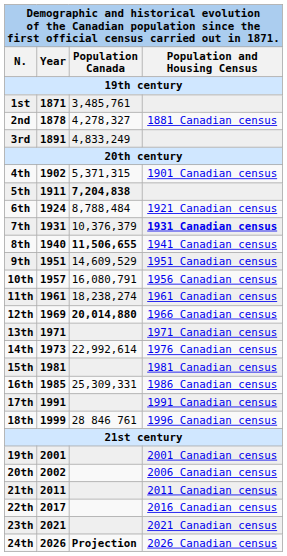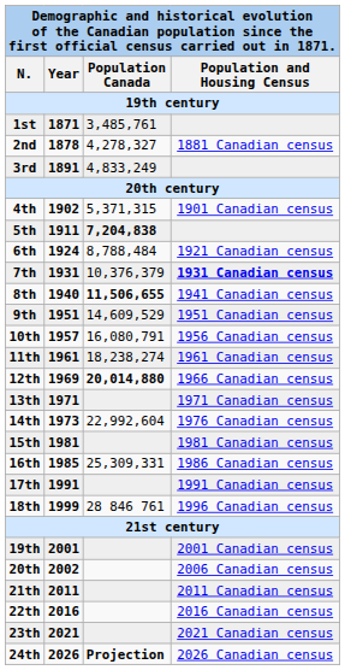 <table class="wikitable">
 <tr>
 <th colspan= "4" style="text-align:center; background:#abcdef;">Demographic and historical evolution <br>of the Canadian population since the <br> first official census carried out in 1871.</th>
 </tr>
 <tr>
 <th>N.</th>
 <th>Year</th>
 <th>Population<br>Canada</th>
 <th>Population and <br> Housing Census</th>
 </tr>
 <tr align="center">
 <td colspan="4" style="background:#D0E7FF"><strong>19th century</strong></td>
 </tr>
 <tr align="center" style="background:#efefef; color:black">
 <td><strong>1st</strong></td>
 <td><strong>1871</strong></td>
 <td align="left"> 3,485,761</td>
 <td></td>
 </tr>
 <tr align="center">
 <td><strong>2nd</strong></td>
 <td><strong>1878</strong></td>
 <td align="left"> 4,278,327</td>
 <td><a href='#'>1881 Canadian census</a></td>
 </tr>
 <tr align="center" style="background:#efefef; color:black">
 <td><strong>3rd</strong></td>
 <td><strong>1891</strong></td>
 <td align="left"> 4,833,249</td>
 <td></td>
 </tr>
 <tr align="center">
 <td colspan="4" style="background:#D0E7FF"><strong>20th century</strong></td>
 </tr>
 <tr align="center">
 <td><strong>4th</strong></td>
 <td><strong>1902</strong></td>
 <td align="left"> 5,371,315</td>
 <td><a href='#'>1901 Canadian census</a></td>
 </tr>
 <tr align="center" style="background:#efefef; color:black">
 <td><strong>5th</strong></td>
 <td><strong>1911</strong></td>
 <td align="left"><strong> 7,204,838</strong></td>
 <td></td>
 </tr>
 <tr align="center">
 <td><strong>6th</strong></td>
 <td><strong>1924</strong></td>
 <td align="left"> 8,788,484</td>
 <td><a href='#'>1921 Canadian census</a></td>
 </tr>
 <tr align="center" style="background:#efefef; color:black">
 <td><strong>7th</strong></td>
 <td><strong>1931</strong></td>
 <td align="left"> 10,376,379</td>
 <td><strong><a href='#'>1931 Canadian census</a></strong></td>
 </tr>
 <tr align="center">
 <td><strong>8th</strong></td>
 <td><strong>1940</strong></td>
 <td align="left"><strong> 11,506,655</strong></td>
 <td><a href='#'>1941 Canadian census</a></td>
 </tr>
 <tr align="center" style="background:#efefef; color:black">
 <td><strong>9th</strong></td>
 <td><strong>1951</strong></td>
 <td align="left"> 14,609,529</td>
 <td><a href='#'>1951 Canadian census</a></td>
 </tr>
 <tr align="center">
 <td><strong>10th</strong></td>
 <td><strong>1957</strong></td>
 <td align="left"> 16,080,791</td>
 <td><a href='#'>1956 Canadian census</a></td>
 </tr>
 <tr align="center" style="background:#efefef; color:black">
 <td><strong>11th</strong></td>
 <td><strong>1961</strong></td>
 <td align="left"> 18,238,274</td>
 <td><a href='#'>1961 Canadian census</a></td>
 </tr>
 <tr align="center">
 <td><strong>12th</strong></td>
 <td><strong>1969</strong></td>
 <td align="left"><strong> 20,014,880</strong></td>
 <td><a href='#'>1966 Canadian census</a></td>
 </tr>
 <tr align="center" style="background:#efefef; color:black">
 <td><strong>13th</strong></td>
 <td><strong>1971</strong></td>
 <td align="left"></td>
 <td><a href='#'>1971 Canadian census</a></td>
 </tr>
 <tr align="center">
 <td><strong>14th</strong></td>
 <td><strong>1973</strong></td>
-<td align="left"> 22,992,614</td>
+<td align="left"> 22,992,604</td>
 <td><a href='#'>1976 Canadian census</a></td>
 </tr>
 <tr align="center" style="background:#efefef; color:black">
 <td><strong>15th</strong></td>
 <td><strong>1981</strong></td>
 <td align="left"></td>
 <td><a href='#'>1981 Canadian census</a></td>
 </tr>
 <tr align="center">
 <td><strong>16th</strong></td>
 <td><strong>1985</strong></td>
 <td align="left"> 25,309,331</td>
 <td><a href='#'>1986 Canadian census</a></td>
 </tr>
 <tr align="center" style="background:#efefef; color:black">
 <td><strong>17th</strong></td>
 <td><strong>1991</strong></td>
 <td align="left"></td>
 <td><a href='#'>1991 Canadian census</a></td>
 </tr>
 <tr align="center">
 <td><strong>18th</strong></td>
 <td><strong>1999</strong></td>
 <td align="left"> 28 846 761</td>
 <td><a href='#'>1996 Canadian census</a></td>
 </tr>
 <tr align="center">
 <td colspan="4" style="background:#D0E7FF"><strong>21st century</strong></td>
 </tr>
 <tr align="center" style="background:#efefef; color:black">
 <td><strong>19th</strong></td>
 <td><strong>2001</strong></td>
 <td align="left"></td>
 <td><a href='#'>2001 Canadian census</a></td>
 </tr>
 <tr align="center">
 <td><strong>20th</strong></td>
 <td><strong>2002</strong></td>
 <td align="left"></td>
 <td><a href='#'>2006 Canadian census</a></td>
 </tr>
 <tr align="center" style="background:#efefef; color:black">
 <td><strong>21th</strong></td>
 <td><strong>2011</strong></td>
 <td align="left"></td>
 <td><a href='#'>2011 Canadian census</a></td>
 </tr>
 <tr align="center">
 <td><strong>22th</strong></td>
-<td><strong>2017</strong></td>
+<td><strong>2016</strong></td>
 <td align="left"></td>
 <td><a href='#'>2016 Canadian census</a></td>
 </tr>
 <tr align="center" style="background:#efefef; color:black">
 <td><strong>23th</strong></td>
 <td><strong>2021</strong></td>
 <td align="left"></td>
 <td><a href='#'>2021 Canadian census</a></td>
 </tr>
 <tr align="center">
 <td><strong>24th</strong></td>
 <td><strong>2026</strong></td>
 <td align="left"><strong>Projection</strong></td>
 <td><a href='#'>2026 Canadian census</a></td>
 </tr>
 </table>
